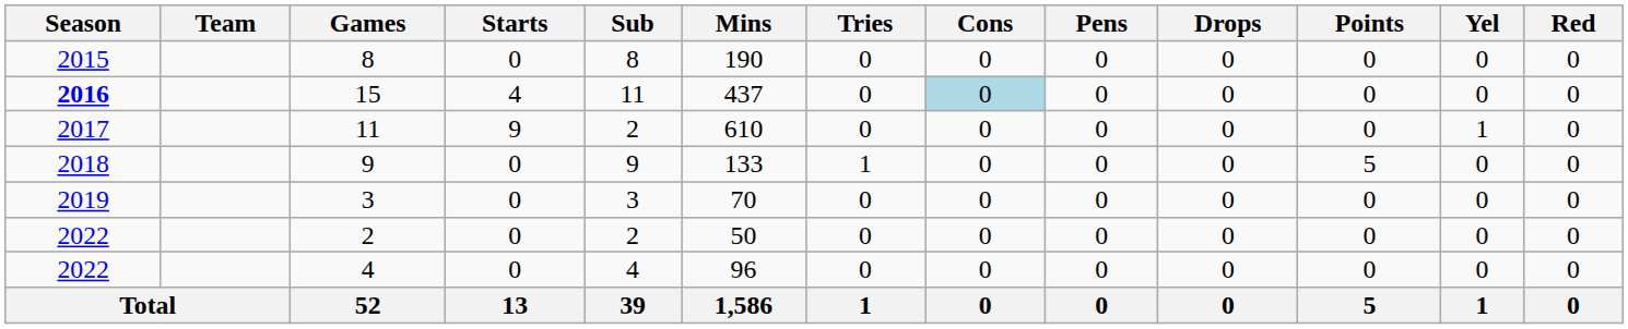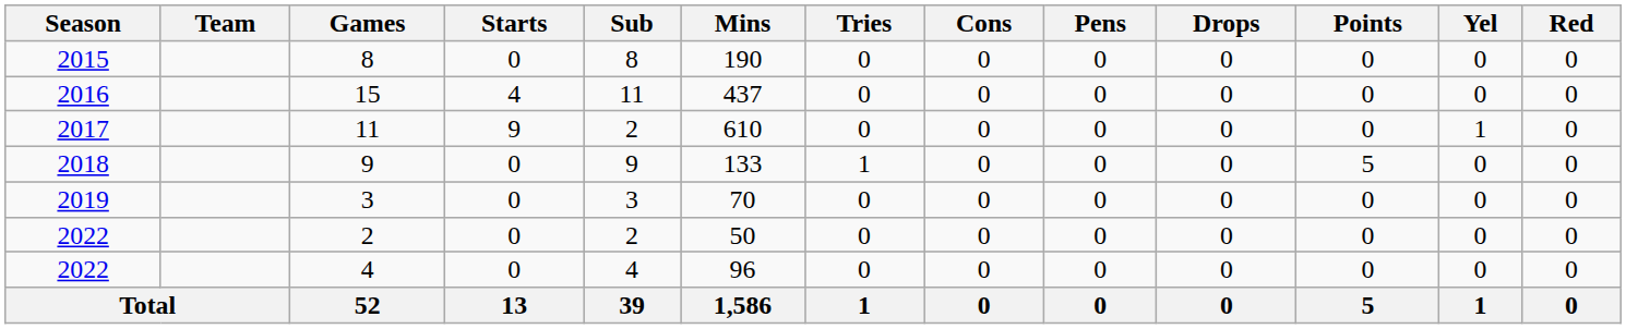 <table class="wikitable" style="text-align:center; line-height:90%; font-size:95%; width:60%;">
 <tr>
 <th>Season</th>
 <th>Team</th>
 <th>Games</th>
 <th>Starts</th>
 <th>Sub</th>
 <th>Mins</th>
 <th>Tries</th>
 <th>Cons</th>
 <th>Pens</th>
 <th>Drops</th>
 <th>Points</th>
 <th>Yel</th>
 <th>Red</th>
 </tr>
 <tr>
 <td><a href='#'>2015</a></td>
 <td></td>
 <td>8</td>
 <td>0</td>
 <td>8</td>
 <td>190</td>
 <td>0</td>
 <td>0</td>
 <td>0</td>
 <td>0</td>
 <td>0</td>
 <td>0</td>
 <td>0</td>
 </tr>
 <tr>
-<td><strong><a href='#'>2016</a></strong></td>
+<td><a href='#'>2016</a></td>
 <td></td>
 <td>15</td>
 <td>4</td>
 <td>11</td>
 <td>437</td>
 <td>0</td>
-<td style="background: lightblue;">0</td>
+<td>0</td>
 <td>0</td>
 <td>0</td>
 <td>0</td>
 <td>0</td>
 <td>0</td>
 </tr>
 <tr>
 <td><a href='#'>2017</a></td>
 <td></td>
 <td>11</td>
 <td>9</td>
 <td>2</td>
 <td>610</td>
 <td>0</td>
 <td>0</td>
 <td>0</td>
 <td>0</td>
 <td>0</td>
 <td>1</td>
 <td>0</td>
 </tr>
 <tr>
 <td><a href='#'>2018</a></td>
 <td></td>
 <td>9</td>
 <td>0</td>
 <td>9</td>
 <td>133</td>
 <td>1</td>
 <td>0</td>
 <td>0</td>
 <td>0</td>
 <td>5</td>
 <td>0</td>
 <td>0</td>
 </tr>
 <tr>
 <td><a href='#'>2019</a></td>
 <td></td>
 <td>3</td>
 <td>0</td>
 <td>3</td>
 <td>70</td>
 <td>0</td>
 <td>0</td>
 <td>0</td>
 <td>0</td>
 <td>0</td>
 <td>0</td>
 <td>0</td>
 </tr>
 <tr>
 <td><a href='#'>2022</a></td>
 <td></td>
 <td>2</td>
 <td>0</td>
 <td>2</td>
 <td>50</td>
 <td>0</td>
 <td>0</td>
 <td>0</td>
 <td>0</td>
 <td>0</td>
 <td>0</td>
 <td>0</td>
 </tr>
 <tr>
 <td><a href='#'>2022</a></td>
 <td></td>
 <td>4</td>
 <td>0</td>
 <td>4</td>
 <td>96</td>
 <td>0</td>
 <td>0</td>
 <td>0</td>
 <td>0</td>
 <td>0</td>
 <td>0</td>
 <td>0</td>
 </tr>
 <tr>
 <th colspan="2">Total</th>
 <th>52</th>
 <th>13</th>
 <th>39</th>
 <th>1,586</th>
 <th>1</th>
 <th>0</th>
 <th>0</th>
 <th>0</th>
 <th>5</th>
 <th>1</th>
 <th>0</th>
 </tr>
 </table>
